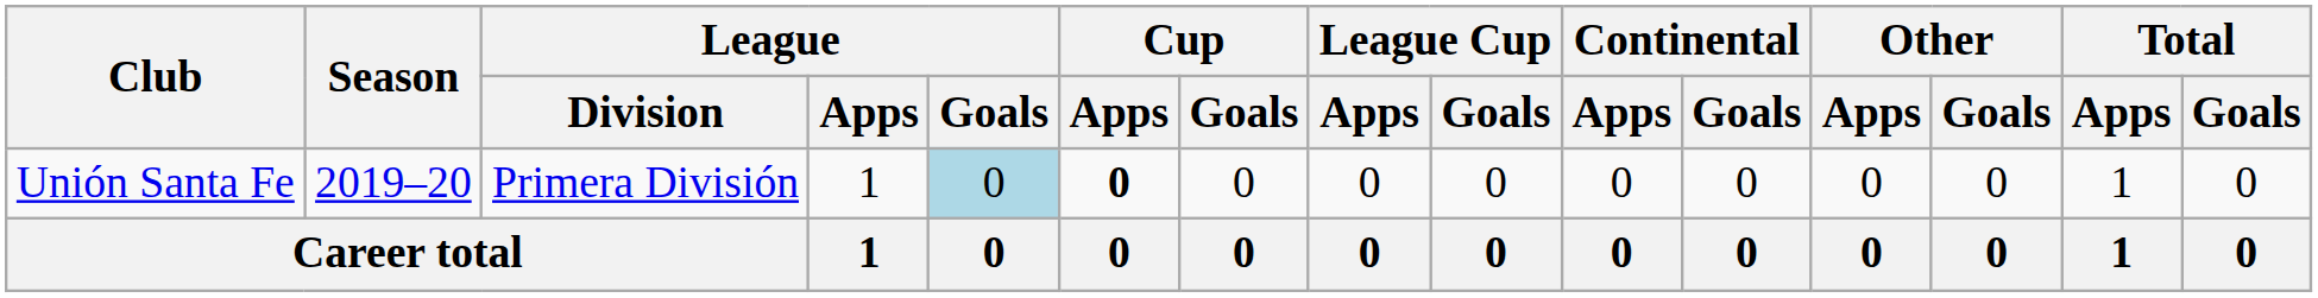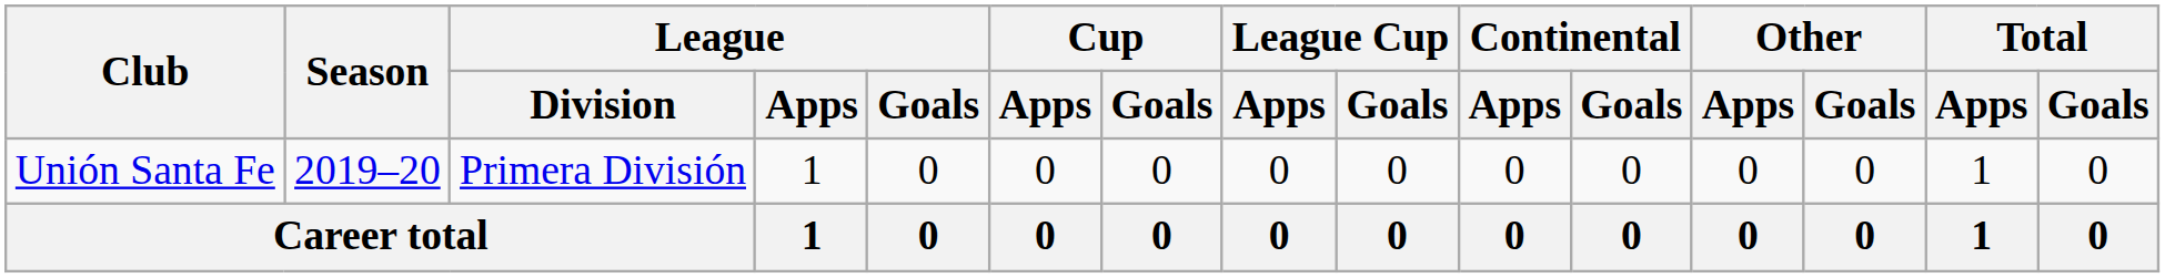 <table class="wikitable" style="text-align:center">
 <tr>
 <th rowspan="2">Club</th>
 <th rowspan="2">Season</th>
 <th colspan="3">League</th>
 <th colspan="2">Cup</th>
 <th colspan="2">League Cup</th>
 <th colspan="2">Continental</th>
 <th colspan="2">Other</th>
 <th colspan="2">Total</th>
 </tr>
 <tr>
 <th>Division</th>
 <th>Apps</th>
 <th>Goals</th>
 <th>Apps</th>
 <th>Goals</th>
 <th>Apps</th>
 <th>Goals</th>
 <th>Apps</th>
 <th>Goals</th>
 <th>Apps</th>
 <th>Goals</th>
 <th>Apps</th>
 <th>Goals</th>
 </tr>
 <tr>
 <td rowspan="1"><a href='#'>Unión Santa Fe</a></td>
 <td><a href='#'>2019–20</a></td>
 <td rowspan="1"><a href='#'>Primera División</a></td>
 <td>1</td>
-<td style="background: lightblue;">0</td>
-<td><strong>0</strong></td>
+<td>0</td>
+<td>0</td>
 <td>0</td>
 <td>0</td>
 <td>0</td>
 <td>0</td>
 <td>0</td>
 <td>0</td>
 <td>0</td>
 <td>1</td>
 <td>0</td>
 </tr>
 <tr>
 <th colspan="3">Career total</th>
 <th>1</th>
 <th>0</th>
 <th>0</th>
 <th>0</th>
 <th>0</th>
 <th>0</th>
 <th>0</th>
 <th>0</th>
 <th>0</th>
 <th>0</th>
 <th>1</th>
 <th>0</th>
 </tr>
 </table>
